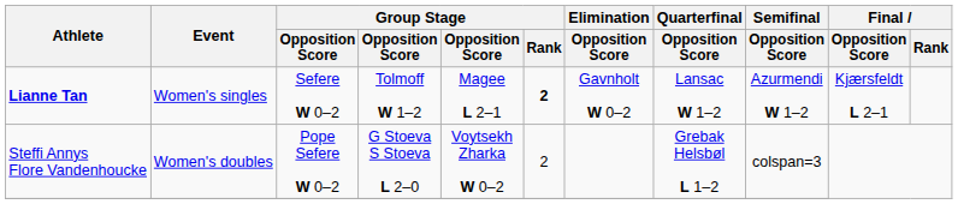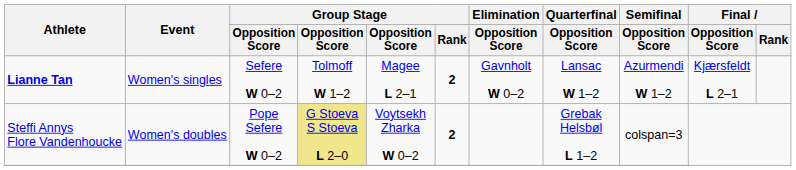 <table class="wikitable" style="font-size:90%">
 <tr>
 <th rowspan=2>Athlete</th>
 <th rowspan=2>Event</th>
 <th colspan=4>Group Stage</th>
 <th>Elimination</th>
 <th>Quarterfinal</th>
 <th>Semifinal</th>
 <th colspan=2>Final / </th>
 </tr>
 <tr style="font-size:95%">
 <th>Opposition<br>Score</th>
 <th>Opposition<br>Score</th>
 <th>Opposition<br>Score</th>
 <th>Rank</th>
 <th>Opposition<br>Score</th>
 <th>Opposition<br>Score</th>
 <th>Opposition<br>Score</th>
 <th>Opposition<br>Score</th>
 <th>Rank</th>
 </tr>
 <tr align=center>
 <td align=left><strong><a href='#'>Lianne Tan</a></strong></td>
 <td align=left><a href='#'>Women's singles</a></td>
 <td><a href='#'>Sefere</a><br><br><strong>W</strong> 0–2</td>
 <td><a href='#'>Tolmoff</a><br><br><strong>W</strong> 1–2</td>
 <td><a href='#'>Magee</a><br><br><strong>L</strong> 2–1</td>
 <td><strong>2</strong></td>
 <td><a href='#'>Gavnholt</a><br><br><strong>W</strong> 0–2</td>
 <td><a href='#'>Lansac</a><br><br><strong>W</strong> 1–2</td>
 <td><a href='#'>Azurmendi</a><br><br><strong>W</strong> 1–2</td>
 <td><a href='#'>Kjærsfeldt</a><br><br><strong>L</strong> 2–1</td>
 <td></td>
 </tr>
 <tr align=center>
 <td align=left><a href='#'>Steffi Annys</a> <br> <a href='#'>Flore Vandenhoucke</a></td>
 <td align=left><a href='#'>Women's doubles</a></td>
 <td><a href='#'>Pope</a> <br> <a href='#'>Sefere</a> <br><br><strong>W</strong> 0–2</td>
-<td><a href='#'>G Stoeva</a> <br> <a href='#'>S Stoeva</a> <br><br><strong>L</strong> 2–0</td>
+<td style="background: khaki;"><a href='#'>G Stoeva</a> <br> <a href='#'>S Stoeva</a> <br><br><strong>L</strong> 2–0</td>
 <td><a href='#'>Voytsekh</a> <br> <a href='#'>Zharka</a> <br><br><strong>W</strong> 0–2</td>
-<td>2</td>
+<td><strong>2</strong></td>
 <td></td>
 <td><a href='#'>Grebak</a> <br> <a href='#'>Helsbøl</a> <br><br><strong>L</strong> 1–2</td>
 <td>colspan=3 </td>
 </tr>
 <tr align=center>
 </tr>
 </table>
